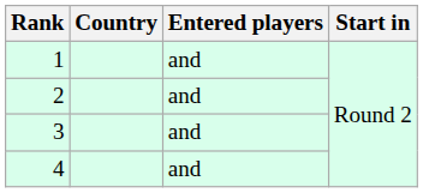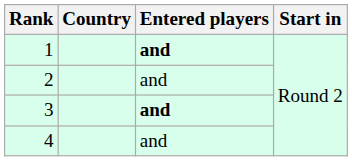 <table class="wikitable" style="text-align:left">
 <tr>
 <th>Rank</th>
 <th>Country</th>
 <th>Entered players</th>
 <th>Start in</th>
 </tr>
 <tr style="background:#d8ffeb;">
 <td align=right>1</td>
 <td></td>
-<td> and </td>
+<td><strong> and </strong></td>
 <td rowspan="4" style="background:#d8ffeb;">Round 2</td>
 </tr>
 <tr style="background:#d8ffeb;">
 <td align=right>2</td>
 <td></td>
 <td> and </td>
 </tr>
 <tr style="background:#d8ffeb;">
 <td align=right>3</td>
 <td></td>
-<td> and </td>
+<td><strong> and </strong></td>
 </tr>
 <tr style="background:#d8ffeb;">
 <td align=right>4</td>
 <td></td>
 <td> and </td>
 </tr>
 </table>
